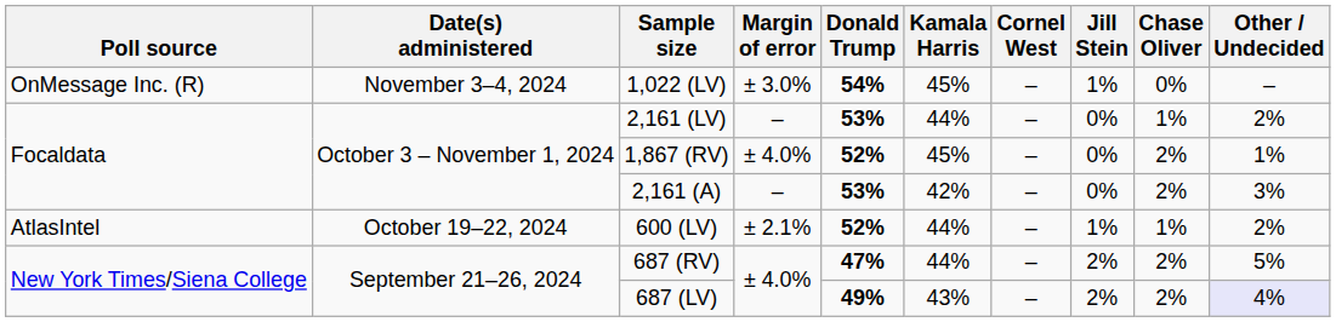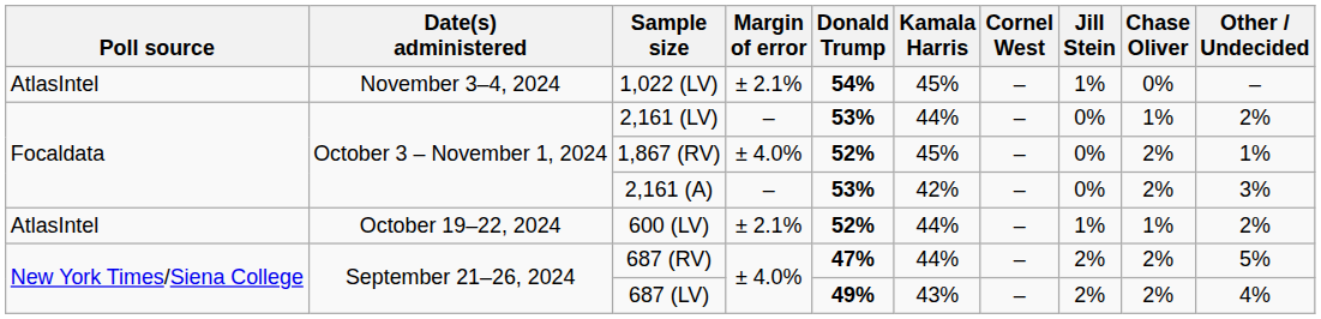 <table class="wikitable sortable mw-datatable" style="font-size:90%;text-align:center;line-height:17px">
 <tr valign=bottom>
 <th>Poll source</th>
 <th>Date(s)<br>administered</th>
 <th>Sample<br>size</th>
 <th>Margin<br>of error</th>
 <th class="unsortable">Donald<br>Trump<br></th>
 <th class="unsortable">Kamala<br>Harris<br></th>
 <th class="unsortable">Cornel<br>West<br></th>
 <th class="unsortable">Jill<br>Stein<br></th>
 <th class="unsortable">Chase<br>Oliver<br></th>
 <th class="unsortable">Other /<br>Undecided</th>
 </tr>
 <tr>
-<td style="text-align:left;">OnMessage Inc. (R)</td>
+<td style="text-align:left;">AtlasIntel</td>
 <td data-sort-value="2024-11-04">November 3–4, 2024</td>
 <td>1,022 (LV)</td>
-<td>± 3.0%</td>
+<td>± 2.1%</td>
 <td style="background-color:"><strong>54%</strong></td>
 <td>45%</td>
 <td>–</td>
 <td>1%</td>
 <td>0%</td>
 <td>–</td>
 </tr>
 <tr>
 <td style="text-align:left;" rowspan="3">Focaldata</td>
 <td rowspan="3">October 3 – November 1, 2024</td>
 <td>2,161 (LV)</td>
 <td>–</td>
 <td style="background-color:"><strong>53%</strong></td>
 <td>44%</td>
 <td>–</td>
 <td>0%</td>
 <td>1%</td>
 <td>2%</td>
 </tr>
 <tr>
 <td>1,867 (RV)</td>
 <td>± 4.0%</td>
 <td style="background-color:"><strong>52%</strong></td>
 <td>45%</td>
 <td>–</td>
 <td>0%</td>
 <td>2%</td>
 <td>1%</td>
 </tr>
 <tr>
 <td>2,161 (A)</td>
 <td>–</td>
 <td style="background-color:"><strong>53%</strong></td>
 <td>42%</td>
 <td>–</td>
 <td>0%</td>
 <td>2%</td>
 <td>3%</td>
 </tr>
 <tr>
 <td style="text-align:left;">AtlasIntel</td>
 <td data-sort-value="2024-10-22">October 19–22, 2024</td>
 <td>600 (LV)</td>
 <td>± 2.1%</td>
 <td style="background-color:"><strong>52%</strong></td>
 <td>44%</td>
 <td>–</td>
 <td>1%</td>
 <td>1%</td>
 <td>2%</td>
 </tr>
 <tr>
 <td style="text-align:left;" rowspan="2"><a href='#'>New York Times</a>/<a href='#'>Siena College</a></td>
 <td rowspan="2">September 21–26, 2024</td>
 <td>687 (RV)</td>
 <td rowspan="2">± 4.0%</td>
 <td style="background-color:"><strong>47%</strong></td>
 <td>44%</td>
 <td>–</td>
 <td>2%</td>
 <td>2%</td>
 <td>5%</td>
 </tr>
 <tr>
 <td>687 (LV)</td>
 <td style="background-color:"><strong>49%</strong></td>
 <td>43%</td>
 <td>–</td>
 <td>2%</td>
 <td>2%</td>
-<td style="background: lavender;">4%</td>
+<td>4%</td>
 </tr>
 </table>
